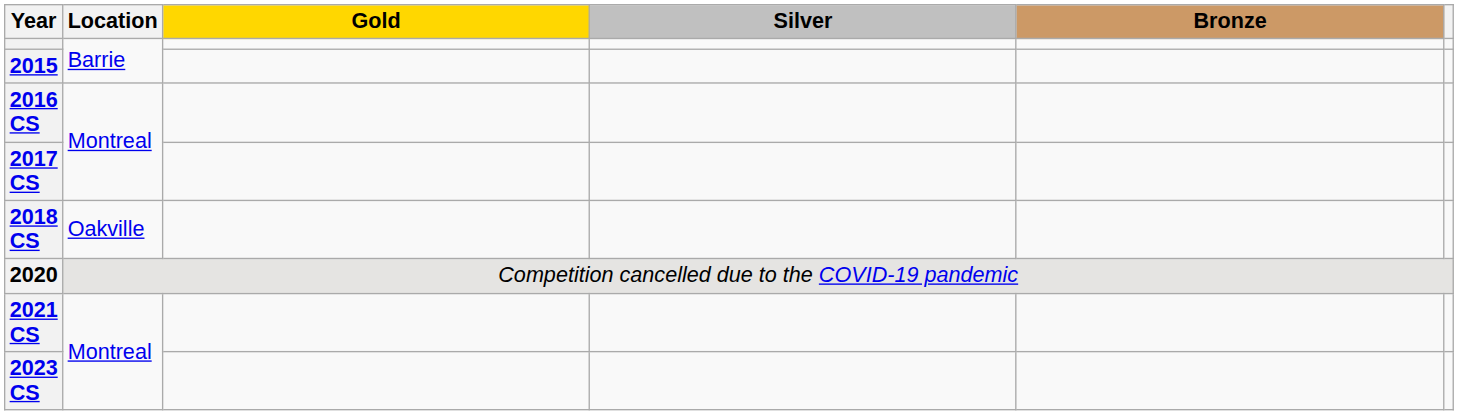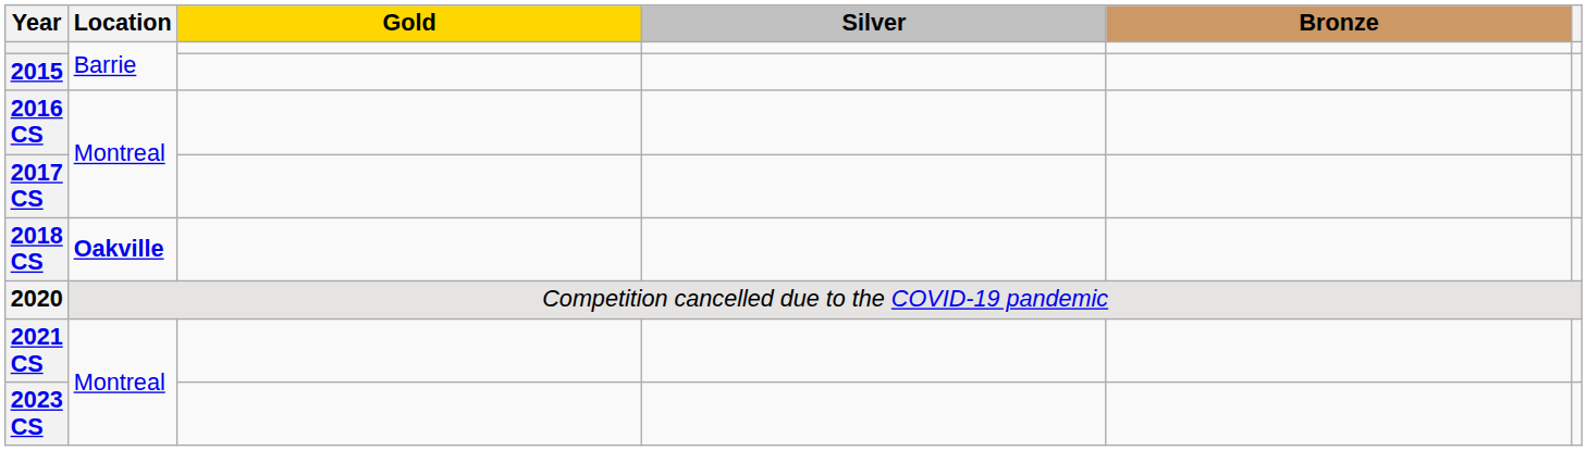 <table class="wikitable unsortable" style="text-align:left; width:85%">
 <tr>
 <th scope="col" style="text-align:center">Year</th>
 <th scope="col" style="text-align:center">Location</th>
 <td scope="col" style="text-align:center; width:30%; background:gold"><strong>Gold</strong></td>
 <td scope="col" style="text-align:center; width:30%; background:silver"><strong>Silver</strong></td>
 <td scope="col" style="text-align:center; width:30%; background:#c96"><strong>Bronze</strong></td>
 <th scope="col" style="text-align:center"></th>
 </tr>
 <tr>
 <th scope="row" style="text-align:left"></th>
 <td rowspan="2"><a href='#'>Barrie</a></td>
 <td></td>
 <td></td>
 <td></td>
 <td></td>
 </tr>
 <tr>
 <th scope="row" style="text-align:left"><a href='#'>2015</a></th>
 <td></td>
 <td></td>
 <td></td>
 <td></td>
 </tr>
 <tr>
 <th scope="row" style="text-align:left"><a href='#'>2016 CS</a></th>
 <td rowspan="2"><a href='#'>Montreal</a></td>
 <td></td>
 <td></td>
 <td></td>
 <td></td>
 </tr>
 <tr>
 <th scope="row" style="text-align:left"><a href='#'>2017 CS</a></th>
 <td></td>
 <td></td>
 <td></td>
 <td></td>
 </tr>
 <tr>
 <th scope="row" style="text-align:left"><a href='#'>2018 CS</a></th>
-<td><a href='#'>Oakville</a></td>
+<td><strong><a href='#'>Oakville</a></strong></td>
 <td></td>
 <td></td>
 <td></td>
 <td></td>
 </tr>
 <tr>
 <th scope="row" style="text-align:left">2020</th>
 <td colspan="5" align=center bgcolor="e5e4e2"><em>Competition cancelled due to the <a href='#'>COVID-19 pandemic</a></em></td>
 </tr>
 <tr>
 <th scope="row" style="text-align:left"><a href='#'>2021 CS</a></th>
 <td rowspan="2"><a href='#'>Montreal</a></td>
 <td></td>
 <td></td>
 <td></td>
 <td></td>
 </tr>
 <tr>
 <th scope="row" style="text-align:left"><a href='#'>2023 CS</a></th>
 <td></td>
 <td></td>
 <td></td>
 <td></td>
 </tr>
 </table>
